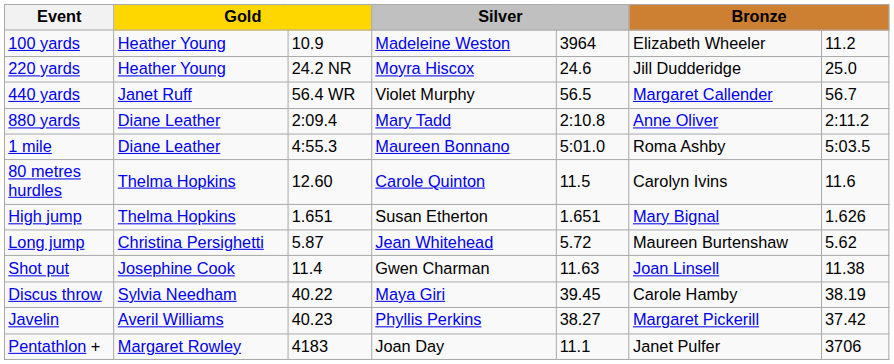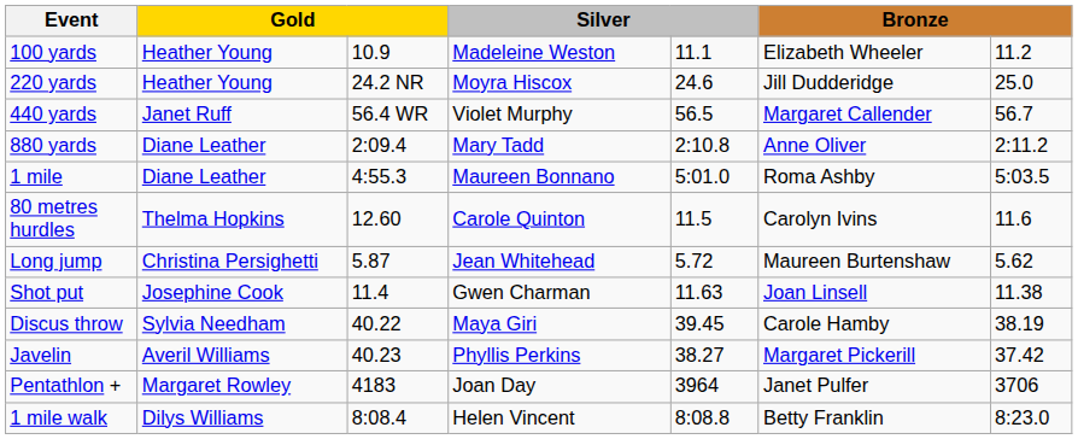 <table class="wikitable" style="text-align:left">
 <tr>
 <th width=100>Event</th>
 <th colspan="2" width="280" style="background:gold;">Gold</th>
 <th colspan="2" width="280" style="background:silver;">Silver</th>
 <th colspan="2" width="280" style="background:#CD7F32;">Bronze</th>
 </tr>
 <tr>
 <td><a href='#'>100 yards</a></td>
 <td><a href='#'>Heather Young</a></td>
 <td>10.9</td>
 <td><a href='#'>Madeleine Weston</a></td>
-<td>3964</td>
+<td>11.1</td>
 <td>Elizabeth Wheeler</td>
 <td>11.2</td>
 </tr>
 <tr>
 <td><a href='#'>220 yards</a></td>
 <td><a href='#'>Heather Young</a></td>
 <td>24.2 NR</td>
 <td><a href='#'>Moyra Hiscox</a></td>
 <td>24.6</td>
 <td>Jill Dudderidge</td>
 <td>25.0</td>
 </tr>
 <tr>
 <td><a href='#'>440 yards</a></td>
 <td><a href='#'>Janet Ruff</a></td>
 <td>56.4 WR</td>
 <td>Violet Murphy</td>
 <td>56.5</td>
 <td><a href='#'>Margaret Callender</a></td>
 <td>56.7</td>
 </tr>
 <tr>
 <td><a href='#'>880 yards</a></td>
 <td><a href='#'>Diane Leather</a></td>
 <td>2:09.4</td>
 <td><a href='#'>Mary Tadd</a></td>
 <td>2:10.8</td>
 <td><a href='#'>Anne Oliver</a></td>
 <td>2:11.2</td>
 </tr>
 <tr>
 <td><a href='#'>1 mile</a></td>
 <td><a href='#'>Diane Leather</a></td>
 <td>4:55.3</td>
 <td><a href='#'>Maureen Bonnano</a></td>
 <td>5:01.0</td>
 <td>Roma Ashby</td>
 <td>5:03.5</td>
 </tr>
 <tr>
 <td><a href='#'>80 metres hurdles</a></td>
 <td><a href='#'>Thelma Hopkins</a></td>
 <td>12.60</td>
 <td><a href='#'>Carole Quinton</a></td>
 <td>11.5</td>
 <td>Carolyn Ivins</td>
 <td>11.6</td>
 </tr>
 <tr>
-<td><a href='#'>High jump</a></td>
-<td><a href='#'>Thelma Hopkins</a></td>
-<td>1.651</td>
-<td>Susan Etherton</td>
-<td>1.651</td>
-<td><a href='#'>Mary Bignal</a></td>
-<td>1.626</td>
-</tr>
-<tr>
 <td><a href='#'>Long jump</a></td>
 <td><a href='#'>Christina Persighetti</a></td>
 <td>5.87</td>
 <td><a href='#'>Jean Whitehead</a></td>
 <td>5.72</td>
 <td>Maureen Burtenshaw</td>
 <td>5.62</td>
 </tr>
 <tr>
 <td><a href='#'>Shot put</a></td>
 <td><a href='#'>Josephine Cook</a></td>
 <td>11.4</td>
 <td>Gwen Charman</td>
 <td>11.63</td>
 <td><a href='#'>Joan Linsell</a></td>
 <td>11.38</td>
 </tr>
 <tr>
 <td><a href='#'>Discus throw</a></td>
 <td><a href='#'>Sylvia Needham</a></td>
 <td>40.22</td>
 <td><a href='#'>Maya Giri</a></td>
 <td>39.45</td>
 <td>Carole Hamby</td>
 <td>38.19</td>
 </tr>
 <tr>
 <td><a href='#'>Javelin</a></td>
 <td><a href='#'>Averil Williams</a></td>
 <td>40.23</td>
 <td><a href='#'>Phyllis Perkins</a></td>
 <td>38.27</td>
 <td><a href='#'>Margaret Pickerill</a></td>
 <td>37.42</td>
 </tr>
 <tr>
 <td><a href='#'>Pentathlon</a> +</td>
 <td><a href='#'>Margaret Rowley</a></td>
 <td>4183</td>
 <td>Joan Day</td>
-<td>11.1</td>
+<td>3964</td>
 <td>Janet Pulfer</td>
 <td>3706</td>
 </tr>
+<tr>
+<td><a href='#'>1 mile walk</a></td>
+<td><a href='#'>Dilys Williams</a></td>
+<td>8:08.4</td>
+<td>Helen Vincent</td>
+<td>8:08.8</td>
+<td>Betty Franklin</td>
+<td>8:23.0</td>
+</tr>
 </table>
